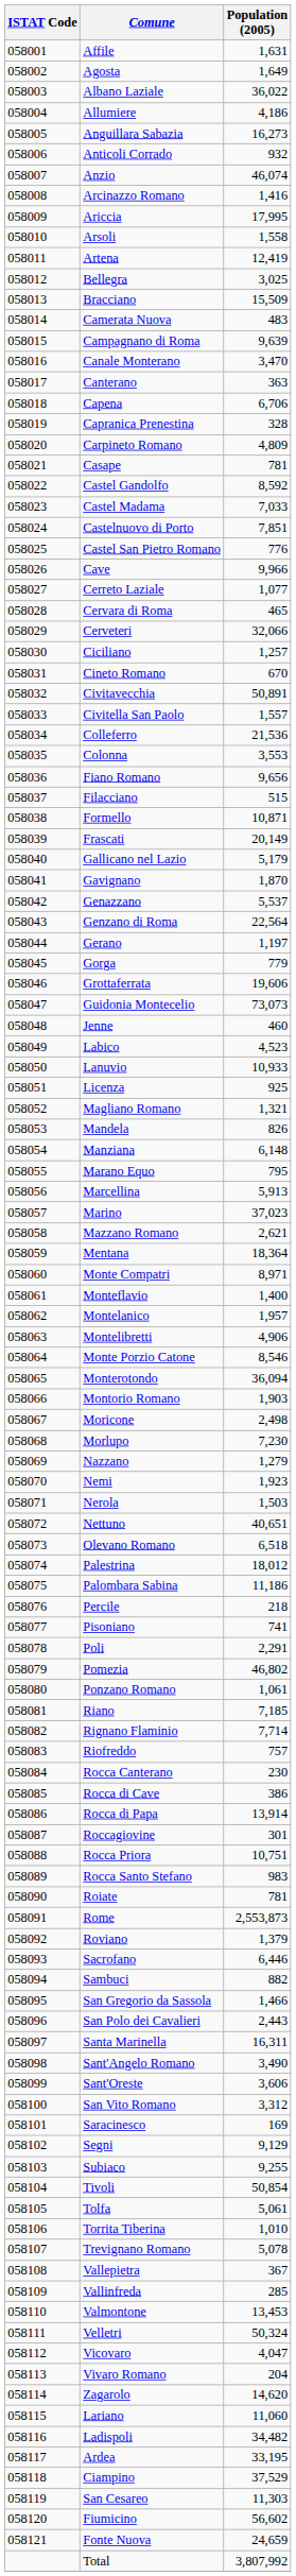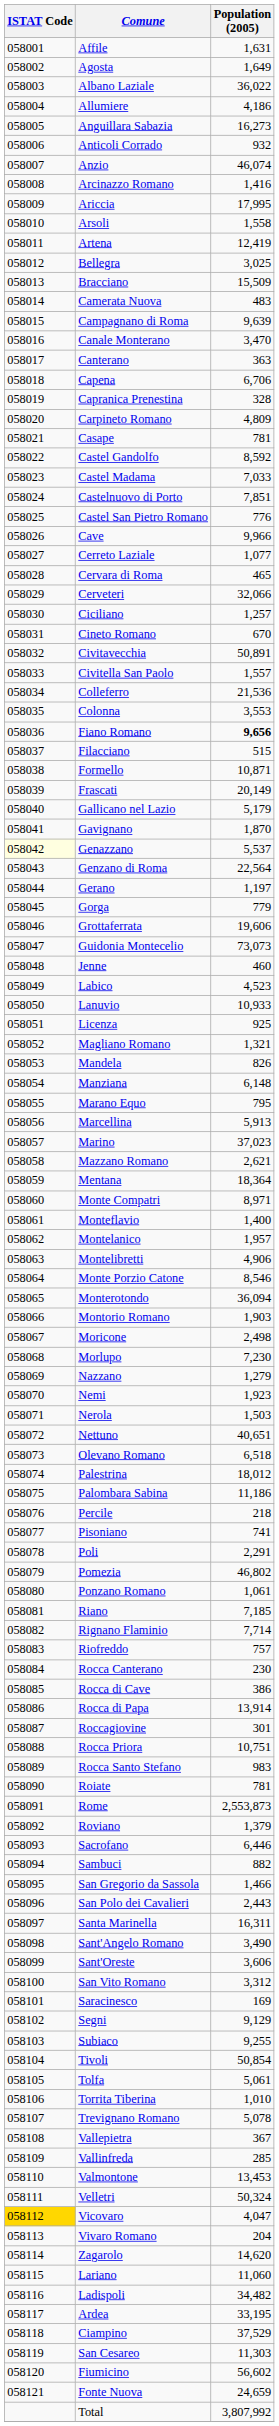 <table class="wikitable sortable">
 <tr>
 <th><a href='#'>ISTAT</a> Code</th>
 <th><em><a href='#'>Comune</a></em></th>
 <th>Population <br>(2005)</th>
 </tr>
 <tr>
 <td>058001</td>
 <td><a href='#'>Affile</a></td>
 <td align="right">1,631</td>
 </tr>
 <tr>
 <td>058002</td>
 <td><a href='#'>Agosta</a></td>
 <td align="right">1,649</td>
 </tr>
 <tr>
 <td>058003</td>
 <td><a href='#'>Albano Laziale</a></td>
 <td align="right">36,022</td>
 </tr>
 <tr>
 <td>058004</td>
 <td><a href='#'>Allumiere</a></td>
 <td align="right">4,186</td>
 </tr>
 <tr>
 <td>058005</td>
 <td><a href='#'>Anguillara Sabazia</a></td>
 <td align="right">16,273</td>
 </tr>
 <tr>
 <td>058006</td>
 <td><a href='#'>Anticoli Corrado</a></td>
 <td align="right">932</td>
 </tr>
 <tr>
 <td>058007</td>
 <td><a href='#'>Anzio</a></td>
 <td align="right">46,074</td>
 </tr>
 <tr>
 <td>058008</td>
 <td><a href='#'>Arcinazzo Romano</a></td>
 <td align="right">1,416</td>
 </tr>
 <tr>
 <td>058009</td>
 <td><a href='#'>Ariccia</a></td>
 <td align="right">17,995</td>
 </tr>
 <tr>
 <td>058010</td>
 <td><a href='#'>Arsoli</a></td>
 <td align="right">1,558</td>
 </tr>
 <tr>
 <td>058011</td>
 <td><a href='#'>Artena</a></td>
 <td align="right">12,419</td>
 </tr>
 <tr>
 <td>058012</td>
 <td><a href='#'>Bellegra</a></td>
 <td align="right">3,025</td>
 </tr>
 <tr>
 <td>058013</td>
 <td><a href='#'>Bracciano</a></td>
 <td align="right">15,509</td>
 </tr>
 <tr>
 <td>058014</td>
 <td><a href='#'>Camerata Nuova</a></td>
 <td align="right">483</td>
 </tr>
 <tr>
 <td>058015</td>
 <td><a href='#'>Campagnano di Roma</a></td>
 <td align="right">9,639</td>
 </tr>
 <tr>
 <td>058016</td>
 <td><a href='#'>Canale Monterano</a></td>
 <td align="right">3,470</td>
 </tr>
 <tr>
 <td>058017</td>
 <td><a href='#'>Canterano</a></td>
 <td align="right">363</td>
 </tr>
 <tr>
 <td>058018</td>
 <td><a href='#'>Capena</a></td>
 <td align="right">6,706</td>
 </tr>
 <tr>
 <td>058019</td>
 <td><a href='#'>Capranica Prenestina</a></td>
 <td align="right">328</td>
 </tr>
 <tr>
 <td>058020</td>
 <td><a href='#'>Carpineto Romano</a></td>
 <td align="right">4,809</td>
 </tr>
 <tr>
 <td>058021</td>
 <td><a href='#'>Casape</a></td>
 <td align="right">781</td>
 </tr>
 <tr>
 <td>058022</td>
 <td><a href='#'>Castel Gandolfo</a></td>
 <td align="right">8,592</td>
 </tr>
 <tr>
 <td>058023</td>
 <td><a href='#'>Castel Madama</a></td>
 <td align="right">7,033</td>
 </tr>
 <tr>
 <td>058024</td>
 <td><a href='#'>Castelnuovo di Porto</a></td>
 <td align="right">7,851</td>
 </tr>
 <tr>
 <td>058025</td>
 <td><a href='#'>Castel San Pietro Romano</a></td>
 <td align="right">776</td>
 </tr>
 <tr>
 <td>058026</td>
 <td><a href='#'>Cave</a></td>
 <td align="right">9,966</td>
 </tr>
 <tr>
 <td>058027</td>
 <td><a href='#'>Cerreto Laziale</a></td>
 <td align="right">1,077</td>
 </tr>
 <tr>
 <td>058028</td>
 <td><a href='#'>Cervara di Roma</a></td>
 <td align="right">465</td>
 </tr>
 <tr>
 <td>058029</td>
 <td><a href='#'>Cerveteri</a></td>
 <td align="right">32,066</td>
 </tr>
 <tr>
 <td>058030</td>
 <td><a href='#'>Ciciliano</a></td>
 <td align="right">1,257</td>
 </tr>
 <tr>
 <td>058031</td>
 <td><a href='#'>Cineto Romano</a></td>
 <td align="right">670</td>
 </tr>
 <tr>
 <td>058032</td>
 <td><a href='#'>Civitavecchia</a></td>
 <td align="right">50,891</td>
 </tr>
 <tr>
 <td>058033</td>
 <td><a href='#'>Civitella San Paolo</a></td>
 <td align="right">1,557</td>
 </tr>
 <tr>
 <td>058034</td>
 <td><a href='#'>Colleferro</a></td>
 <td align="right">21,536</td>
 </tr>
 <tr>
 <td>058035</td>
 <td><a href='#'>Colonna</a></td>
 <td align="right">3,553</td>
 </tr>
 <tr>
 <td>058036</td>
 <td><a href='#'>Fiano Romano</a></td>
-<td align="right">9,656</td>
+<td align="right"><strong>9,656</strong></td>
 </tr>
 <tr>
 <td>058037</td>
 <td><a href='#'>Filacciano</a></td>
 <td align="right">515</td>
 </tr>
 <tr>
 <td>058038</td>
 <td><a href='#'>Formello</a></td>
 <td align="right">10,871</td>
 </tr>
 <tr>
 <td>058039</td>
 <td><a href='#'>Frascati</a></td>
 <td align="right">20,149</td>
 </tr>
 <tr>
 <td>058040</td>
 <td><a href='#'>Gallicano nel Lazio</a></td>
 <td align="right">5,179</td>
 </tr>
 <tr>
 <td>058041</td>
 <td><a href='#'>Gavignano</a></td>
 <td align="right">1,870</td>
 </tr>
 <tr>
-<td>058042</td>
+<td style="background: lightyellow;">058042</td>
 <td><a href='#'>Genazzano</a></td>
 <td align="right">5,537</td>
 </tr>
 <tr>
 <td>058043</td>
 <td><a href='#'>Genzano di Roma</a></td>
 <td align="right">22,564</td>
 </tr>
 <tr>
 <td>058044</td>
 <td><a href='#'>Gerano</a></td>
 <td align="right">1,197</td>
 </tr>
 <tr>
 <td>058045</td>
 <td><a href='#'>Gorga</a></td>
 <td align="right">779</td>
 </tr>
 <tr>
 <td>058046</td>
 <td><a href='#'>Grottaferrata</a></td>
 <td align="right">19,606</td>
 </tr>
 <tr>
 <td>058047</td>
 <td><a href='#'>Guidonia Montecelio</a></td>
 <td align="right">73,073</td>
 </tr>
 <tr>
 <td>058048</td>
 <td><a href='#'>Jenne</a></td>
 <td align="right">460</td>
 </tr>
 <tr>
 <td>058049</td>
 <td><a href='#'>Labico</a></td>
 <td align="right">4,523</td>
 </tr>
 <tr>
 <td>058050</td>
 <td><a href='#'>Lanuvio</a></td>
 <td align="right">10,933</td>
 </tr>
 <tr>
 <td>058051</td>
 <td><a href='#'>Licenza</a></td>
 <td align="right">925</td>
 </tr>
 <tr>
 <td>058052</td>
 <td><a href='#'>Magliano Romano</a></td>
 <td align="right">1,321</td>
 </tr>
 <tr>
 <td>058053</td>
 <td><a href='#'>Mandela</a></td>
 <td align="right">826</td>
 </tr>
 <tr>
 <td>058054</td>
 <td><a href='#'>Manziana</a></td>
 <td align="right">6,148</td>
 </tr>
 <tr>
 <td>058055</td>
 <td><a href='#'>Marano Equo</a></td>
 <td align="right">795</td>
 </tr>
 <tr>
 <td>058056</td>
 <td><a href='#'>Marcellina</a></td>
 <td align="right">5,913</td>
 </tr>
 <tr>
 <td>058057</td>
 <td><a href='#'>Marino</a></td>
 <td align="right">37,023</td>
 </tr>
 <tr>
 <td>058058</td>
 <td><a href='#'>Mazzano Romano</a></td>
 <td align="right">2,621</td>
 </tr>
 <tr>
 <td>058059</td>
 <td><a href='#'>Mentana</a></td>
 <td align="right">18,364</td>
 </tr>
 <tr>
 <td>058060</td>
 <td><a href='#'>Monte Compatri</a></td>
 <td align="right">8,971</td>
 </tr>
 <tr>
 <td>058061</td>
 <td><a href='#'>Monteflavio</a></td>
 <td align="right">1,400</td>
 </tr>
 <tr>
 <td>058062</td>
 <td><a href='#'>Montelanico</a></td>
 <td align="right">1,957</td>
 </tr>
 <tr>
 <td>058063</td>
 <td><a href='#'>Montelibretti</a></td>
 <td align="right">4,906</td>
 </tr>
 <tr>
 <td>058064</td>
 <td><a href='#'>Monte Porzio Catone</a></td>
 <td align="right">8,546</td>
 </tr>
 <tr>
 <td>058065</td>
 <td><a href='#'>Monterotondo</a></td>
 <td align="right">36,094</td>
 </tr>
 <tr>
 <td>058066</td>
 <td><a href='#'>Montorio Romano</a></td>
 <td align="right">1,903</td>
 </tr>
 <tr>
 <td>058067</td>
 <td><a href='#'>Moricone</a></td>
 <td align="right">2,498</td>
 </tr>
 <tr>
 <td>058068</td>
 <td><a href='#'>Morlupo</a></td>
 <td align="right">7,230</td>
 </tr>
 <tr>
 <td>058069</td>
 <td><a href='#'>Nazzano</a></td>
 <td align="right">1,279</td>
 </tr>
 <tr>
 <td>058070</td>
 <td><a href='#'>Nemi</a></td>
 <td align="right">1,923</td>
 </tr>
 <tr>
 <td>058071</td>
 <td><a href='#'>Nerola</a></td>
 <td align="right">1,503</td>
 </tr>
 <tr>
 <td>058072</td>
 <td><a href='#'>Nettuno</a></td>
 <td align="right">40,651</td>
 </tr>
 <tr>
 <td>058073</td>
 <td><a href='#'>Olevano Romano</a></td>
 <td align="right">6,518</td>
 </tr>
 <tr>
 <td>058074</td>
 <td><a href='#'>Palestrina</a></td>
 <td align="right">18,012</td>
 </tr>
 <tr>
 <td>058075</td>
 <td><a href='#'>Palombara Sabina</a></td>
 <td align="right">11,186</td>
 </tr>
 <tr>
 <td>058076</td>
 <td><a href='#'>Percile</a></td>
 <td align="right">218</td>
 </tr>
 <tr>
 <td>058077</td>
 <td><a href='#'>Pisoniano</a></td>
 <td align="right">741</td>
 </tr>
 <tr>
 <td>058078</td>
 <td><a href='#'>Poli</a></td>
 <td align="right">2,291</td>
 </tr>
 <tr>
 <td>058079</td>
 <td><a href='#'>Pomezia</a></td>
 <td align="right">46,802</td>
 </tr>
 <tr>
 <td>058080</td>
 <td><a href='#'>Ponzano Romano</a></td>
 <td align="right">1,061</td>
 </tr>
 <tr>
 <td>058081</td>
 <td><a href='#'>Riano</a></td>
 <td align="right">7,185</td>
 </tr>
 <tr>
 <td>058082</td>
 <td><a href='#'>Rignano Flaminio</a></td>
 <td align="right">7,714</td>
 </tr>
 <tr>
 <td>058083</td>
 <td><a href='#'>Riofreddo</a></td>
 <td align="right">757</td>
 </tr>
 <tr>
 <td>058084</td>
 <td><a href='#'>Rocca Canterano</a></td>
 <td align="right">230</td>
 </tr>
 <tr>
 <td>058085</td>
 <td><a href='#'>Rocca di Cave</a></td>
 <td align="right">386</td>
 </tr>
 <tr>
 <td>058086</td>
 <td><a href='#'>Rocca di Papa</a></td>
 <td align="right">13,914</td>
 </tr>
 <tr>
 <td>058087</td>
 <td><a href='#'>Roccagiovine</a></td>
 <td align="right">301</td>
 </tr>
 <tr>
 <td>058088</td>
 <td><a href='#'>Rocca Priora</a></td>
 <td align="right">10,751</td>
 </tr>
 <tr>
 <td>058089</td>
 <td><a href='#'>Rocca Santo Stefano</a></td>
 <td align="right">983</td>
 </tr>
 <tr>
 <td>058090</td>
 <td><a href='#'>Roiate</a></td>
 <td align="right">781</td>
 </tr>
 <tr>
 <td>058091</td>
 <td><a href='#'>Rome</a></td>
 <td align="right">2,553,873</td>
 </tr>
 <tr>
 <td>058092</td>
 <td><a href='#'>Roviano</a></td>
 <td align="right">1,379</td>
 </tr>
 <tr>
 <td>058093</td>
 <td><a href='#'>Sacrofano</a></td>
 <td align="right">6,446</td>
 </tr>
 <tr>
 <td>058094</td>
 <td><a href='#'>Sambuci</a></td>
 <td align="right">882</td>
 </tr>
 <tr>
 <td>058095</td>
 <td><a href='#'>San Gregorio da Sassola</a></td>
 <td align="right">1,466</td>
 </tr>
 <tr>
 <td>058096</td>
 <td><a href='#'>San Polo dei Cavalieri</a></td>
 <td align="right">2,443</td>
 </tr>
 <tr>
 <td>058097</td>
 <td><a href='#'>Santa Marinella</a></td>
 <td align="right">16,311</td>
 </tr>
 <tr>
 <td>058098</td>
 <td><a href='#'>Sant'Angelo Romano</a></td>
 <td align="right">3,490</td>
 </tr>
 <tr>
 <td>058099</td>
 <td><a href='#'>Sant'Oreste</a></td>
 <td align="right">3,606</td>
 </tr>
 <tr>
 <td>058100</td>
 <td><a href='#'>San Vito Romano</a></td>
 <td align="right">3,312</td>
 </tr>
 <tr>
 <td>058101</td>
 <td><a href='#'>Saracinesco</a></td>
 <td align="right">169</td>
 </tr>
 <tr>
 <td>058102</td>
 <td><a href='#'>Segni</a></td>
 <td align="right">9,129</td>
 </tr>
 <tr>
 <td>058103</td>
 <td><a href='#'>Subiaco</a></td>
 <td align="right">9,255</td>
 </tr>
 <tr>
 <td>058104</td>
 <td><a href='#'>Tivoli</a></td>
 <td align="right">50,854</td>
 </tr>
 <tr>
 <td>058105</td>
 <td><a href='#'>Tolfa</a></td>
 <td align="right">5,061</td>
 </tr>
 <tr>
 <td>058106</td>
 <td><a href='#'>Torrita Tiberina</a></td>
 <td align="right">1,010</td>
 </tr>
 <tr>
 <td>058107</td>
 <td><a href='#'>Trevignano Romano</a></td>
 <td align="right">5,078</td>
 </tr>
 <tr>
 <td>058108</td>
 <td><a href='#'>Vallepietra</a></td>
 <td align="right">367</td>
 </tr>
 <tr>
 <td>058109</td>
 <td><a href='#'>Vallinfreda</a></td>
 <td align="right">285</td>
 </tr>
 <tr>
 <td>058110</td>
 <td><a href='#'>Valmontone</a></td>
 <td align="right">13,453</td>
 </tr>
 <tr>
 <td>058111</td>
 <td><a href='#'>Velletri</a></td>
 <td align="right">50,324</td>
 </tr>
 <tr>
-<td>058112</td>
+<td style="background: gold;">058112</td>
 <td><a href='#'>Vicovaro</a></td>
 <td align="right">4,047</td>
 </tr>
 <tr>
 <td>058113</td>
 <td><a href='#'>Vivaro Romano</a></td>
 <td align="right">204</td>
 </tr>
 <tr>
 <td>058114</td>
 <td><a href='#'>Zagarolo</a></td>
 <td align="right">14,620</td>
 </tr>
 <tr>
 <td>058115</td>
 <td><a href='#'>Lariano</a></td>
 <td align="right">11,060</td>
 </tr>
 <tr>
 <td>058116</td>
 <td><a href='#'>Ladispoli</a></td>
 <td align="right">34,482</td>
 </tr>
 <tr>
 <td>058117</td>
 <td><a href='#'>Ardea</a></td>
 <td align="right">33,195</td>
 </tr>
 <tr>
 <td>058118</td>
 <td><a href='#'>Ciampino</a></td>
 <td align="right">37,529</td>
 </tr>
 <tr>
 <td>058119</td>
 <td><a href='#'>San Cesareo</a></td>
 <td align="right">11,303</td>
 </tr>
 <tr>
 <td>058120</td>
 <td><a href='#'>Fiumicino</a></td>
 <td align="right">56,602</td>
 </tr>
 <tr>
 <td>058121</td>
 <td><a href='#'>Fonte Nuova</a></td>
 <td align="right">24,659</td>
 </tr>
 <tr>
 <td></td>
 <td>Total</td>
 <td align="right">3,807,992</td>
 </tr>
 <tr>
 </tr>
 </table>
